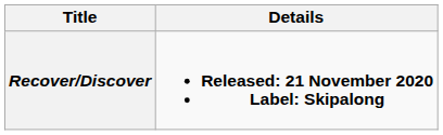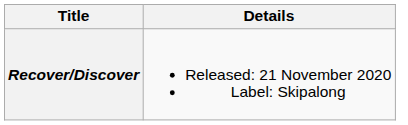 <table class="wikitable plainrowheaders" style="text-align:center;">
 <tr>
 <th scope="col">Title</th>
 <th scope="col">Details</th>
 </tr>
 <tr>
 <th scope="row"><em>Recover/Discover</em></th>
-<td><strong><br><ul><li>Released: 21 November 2020</li><li>Label: Skipalong</li></ul></strong></td>
+<td><br><ul><li>Released: 21 November 2020</li><li>Label: Skipalong</li></ul></td>
 </tr>
 </table>
